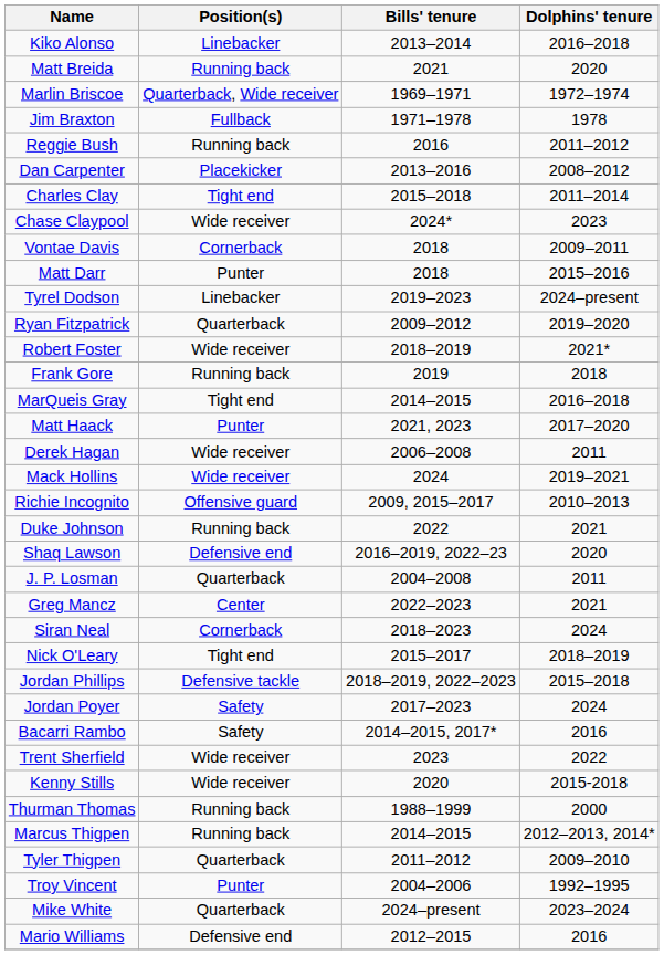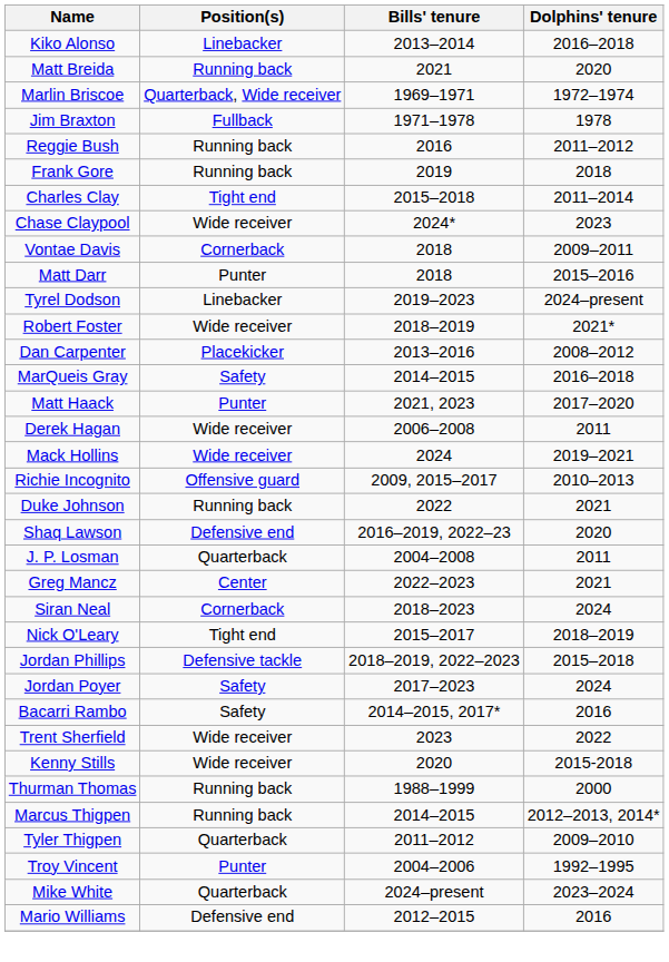 <table class="wikitable" style="text-align: center;">
 <tr>
 <th>Name</th>
 <th>Position(s)</th>
 <th>Bills' tenure</th>
 <th>Dolphins' tenure</th>
 </tr>
 <tr>
 <td><a href='#'>Kiko Alonso</a></td>
 <td><a href='#'>Linebacker</a></td>
 <td>2013–2014</td>
 <td>2016–2018</td>
 </tr>
 <tr>
 <td><a href='#'>Matt Breida</a></td>
 <td><a href='#'>Running back</a></td>
 <td>2021</td>
 <td>2020</td>
 </tr>
 <tr>
 <td><a href='#'>Marlin Briscoe</a></td>
 <td><a href='#'>Quarterback</a>, <a href='#'>Wide receiver</a></td>
 <td>1969–1971</td>
 <td>1972–1974</td>
 </tr>
 <tr>
 <td><a href='#'>Jim Braxton</a></td>
 <td><a href='#'>Fullback</a></td>
 <td>1971–1978</td>
 <td>1978</td>
 </tr>
 <tr>
 <td><a href='#'>Reggie Bush</a></td>
 <td>Running back</td>
 <td>2016</td>
 <td>2011–2012</td>
 </tr>
 <tr>
-<td><a href='#'>Dan Carpenter</a></td>
-<td><a href='#'>Placekicker</a></td>
-<td>2013–2016</td>
-<td>2008–2012</td>
+<td><a href='#'>Frank Gore</a></td>
+<td>Running back</td>
+<td>2019</td>
+<td>2018</td>
 </tr>
 <tr>
 <td><a href='#'>Charles Clay</a></td>
 <td><a href='#'>Tight end</a></td>
 <td>2015–2018</td>
 <td>2011–2014</td>
 </tr>
 <tr>
 <td><a href='#'>Chase Claypool</a></td>
 <td>Wide receiver</td>
 <td>2024*</td>
 <td>2023</td>
 </tr>
 <tr>
 <td><a href='#'>Vontae Davis</a></td>
 <td><a href='#'>Cornerback</a></td>
 <td>2018</td>
 <td>2009–2011</td>
 </tr>
 <tr>
 <td><a href='#'>Matt Darr</a></td>
 <td>Punter</td>
 <td>2018</td>
 <td>2015–2016</td>
 </tr>
 <tr>
 <td><a href='#'>Tyrel Dodson</a></td>
 <td>Linebacker</td>
 <td>2019–2023</td>
 <td>2024–present</td>
 </tr>
 <tr>
-<td><a href='#'>Ryan Fitzpatrick</a></td>
-<td>Quarterback</td>
-<td>2009–2012</td>
-<td>2019–2020</td>
-</tr>
-<tr>
 <td><a href='#'>Robert Foster</a></td>
 <td>Wide receiver</td>
 <td>2018–2019</td>
 <td>2021*</td>
 </tr>
 <tr>
-<td><a href='#'>Frank Gore</a></td>
-<td>Running back</td>
-<td>2019</td>
-<td>2018</td>
+<td><a href='#'>Dan Carpenter</a></td>
+<td><a href='#'>Placekicker</a></td>
+<td>2013–2016</td>
+<td>2008–2012</td>
 </tr>
 <tr>
 <td><a href='#'>MarQueis Gray</a></td>
-<td>Tight end</td>
+<td><a href='#'>Safety</a></td>
 <td>2014–2015</td>
 <td>2016–2018</td>
 </tr>
 <tr>
 <td><a href='#'>Matt Haack</a></td>
 <td><a href='#'>Punter</a></td>
 <td>2021, 2023</td>
 <td>2017–2020</td>
 </tr>
 <tr>
 <td><a href='#'>Derek Hagan</a></td>
 <td>Wide receiver</td>
 <td>2006–2008</td>
 <td>2011</td>
 </tr>
 <tr>
 <td><a href='#'>Mack Hollins</a></td>
 <td><a href='#'>Wide receiver</a></td>
 <td>2024</td>
 <td>2019–2021</td>
 </tr>
 <tr>
 <td><a href='#'>Richie Incognito</a></td>
 <td><a href='#'>Offensive guard</a></td>
 <td>2009, 2015–2017</td>
 <td>2010–2013</td>
 </tr>
 <tr>
 <td><a href='#'>Duke Johnson</a></td>
 <td>Running back</td>
 <td>2022</td>
 <td>2021</td>
 </tr>
 <tr>
 <td><a href='#'>Shaq Lawson</a></td>
 <td><a href='#'>Defensive end</a></td>
 <td>2016–2019, 2022–23</td>
 <td>2020</td>
 </tr>
 <tr>
 <td><a href='#'>J. P. Losman</a></td>
 <td>Quarterback</td>
 <td>2004–2008</td>
 <td>2011</td>
 </tr>
 <tr>
 <td><a href='#'>Greg Mancz</a></td>
 <td><a href='#'>Center</a></td>
 <td>2022–2023</td>
 <td>2021</td>
 </tr>
 <tr>
 <td><a href='#'>Siran Neal</a></td>
 <td><a href='#'>Cornerback</a></td>
 <td>2018–2023</td>
 <td>2024</td>
 </tr>
 <tr>
 <td><a href='#'>Nick O'Leary</a></td>
 <td>Tight end</td>
 <td>2015–2017</td>
 <td>2018–2019</td>
 </tr>
 <tr>
 <td><a href='#'>Jordan Phillips</a></td>
 <td><a href='#'>Defensive tackle</a></td>
 <td>2018–2019, 2022–2023</td>
 <td>2015–2018</td>
 </tr>
 <tr>
 <td><a href='#'>Jordan Poyer</a></td>
 <td><a href='#'>Safety</a></td>
 <td>2017–2023</td>
 <td>2024</td>
 </tr>
 <tr>
 <td><a href='#'>Bacarri Rambo</a></td>
 <td>Safety</td>
 <td>2014–2015, 2017*</td>
 <td>2016</td>
 </tr>
 <tr>
 <td><a href='#'>Trent Sherfield</a></td>
 <td>Wide receiver</td>
 <td>2023</td>
 <td>2022</td>
 </tr>
 <tr>
 <td><a href='#'>Kenny Stills</a></td>
 <td>Wide receiver</td>
 <td>2020</td>
 <td>2015-2018</td>
 </tr>
 <tr>
 <td><a href='#'>Thurman Thomas</a></td>
 <td>Running back</td>
 <td>1988–1999</td>
 <td>2000</td>
 </tr>
 <tr>
 <td><a href='#'>Marcus Thigpen</a></td>
 <td>Running back</td>
 <td>2014–2015</td>
 <td>2012–2013, 2014*</td>
 </tr>
 <tr>
 <td><a href='#'>Tyler Thigpen</a></td>
 <td>Quarterback</td>
 <td>2011–2012</td>
 <td>2009–2010</td>
 </tr>
 <tr>
 <td><a href='#'>Troy Vincent</a></td>
 <td><a href='#'>Punter</a></td>
 <td>2004–2006</td>
 <td>1992–1995</td>
 </tr>
 <tr>
 <td><a href='#'>Mike White</a></td>
 <td>Quarterback</td>
 <td>2024–present</td>
 <td>2023–2024</td>
 </tr>
 <tr>
 <td><a href='#'>Mario Williams</a></td>
 <td>Defensive end</td>
 <td>2012–2015</td>
 <td>2016</td>
 </tr>
 <tr>
 </tr>
 </table>
